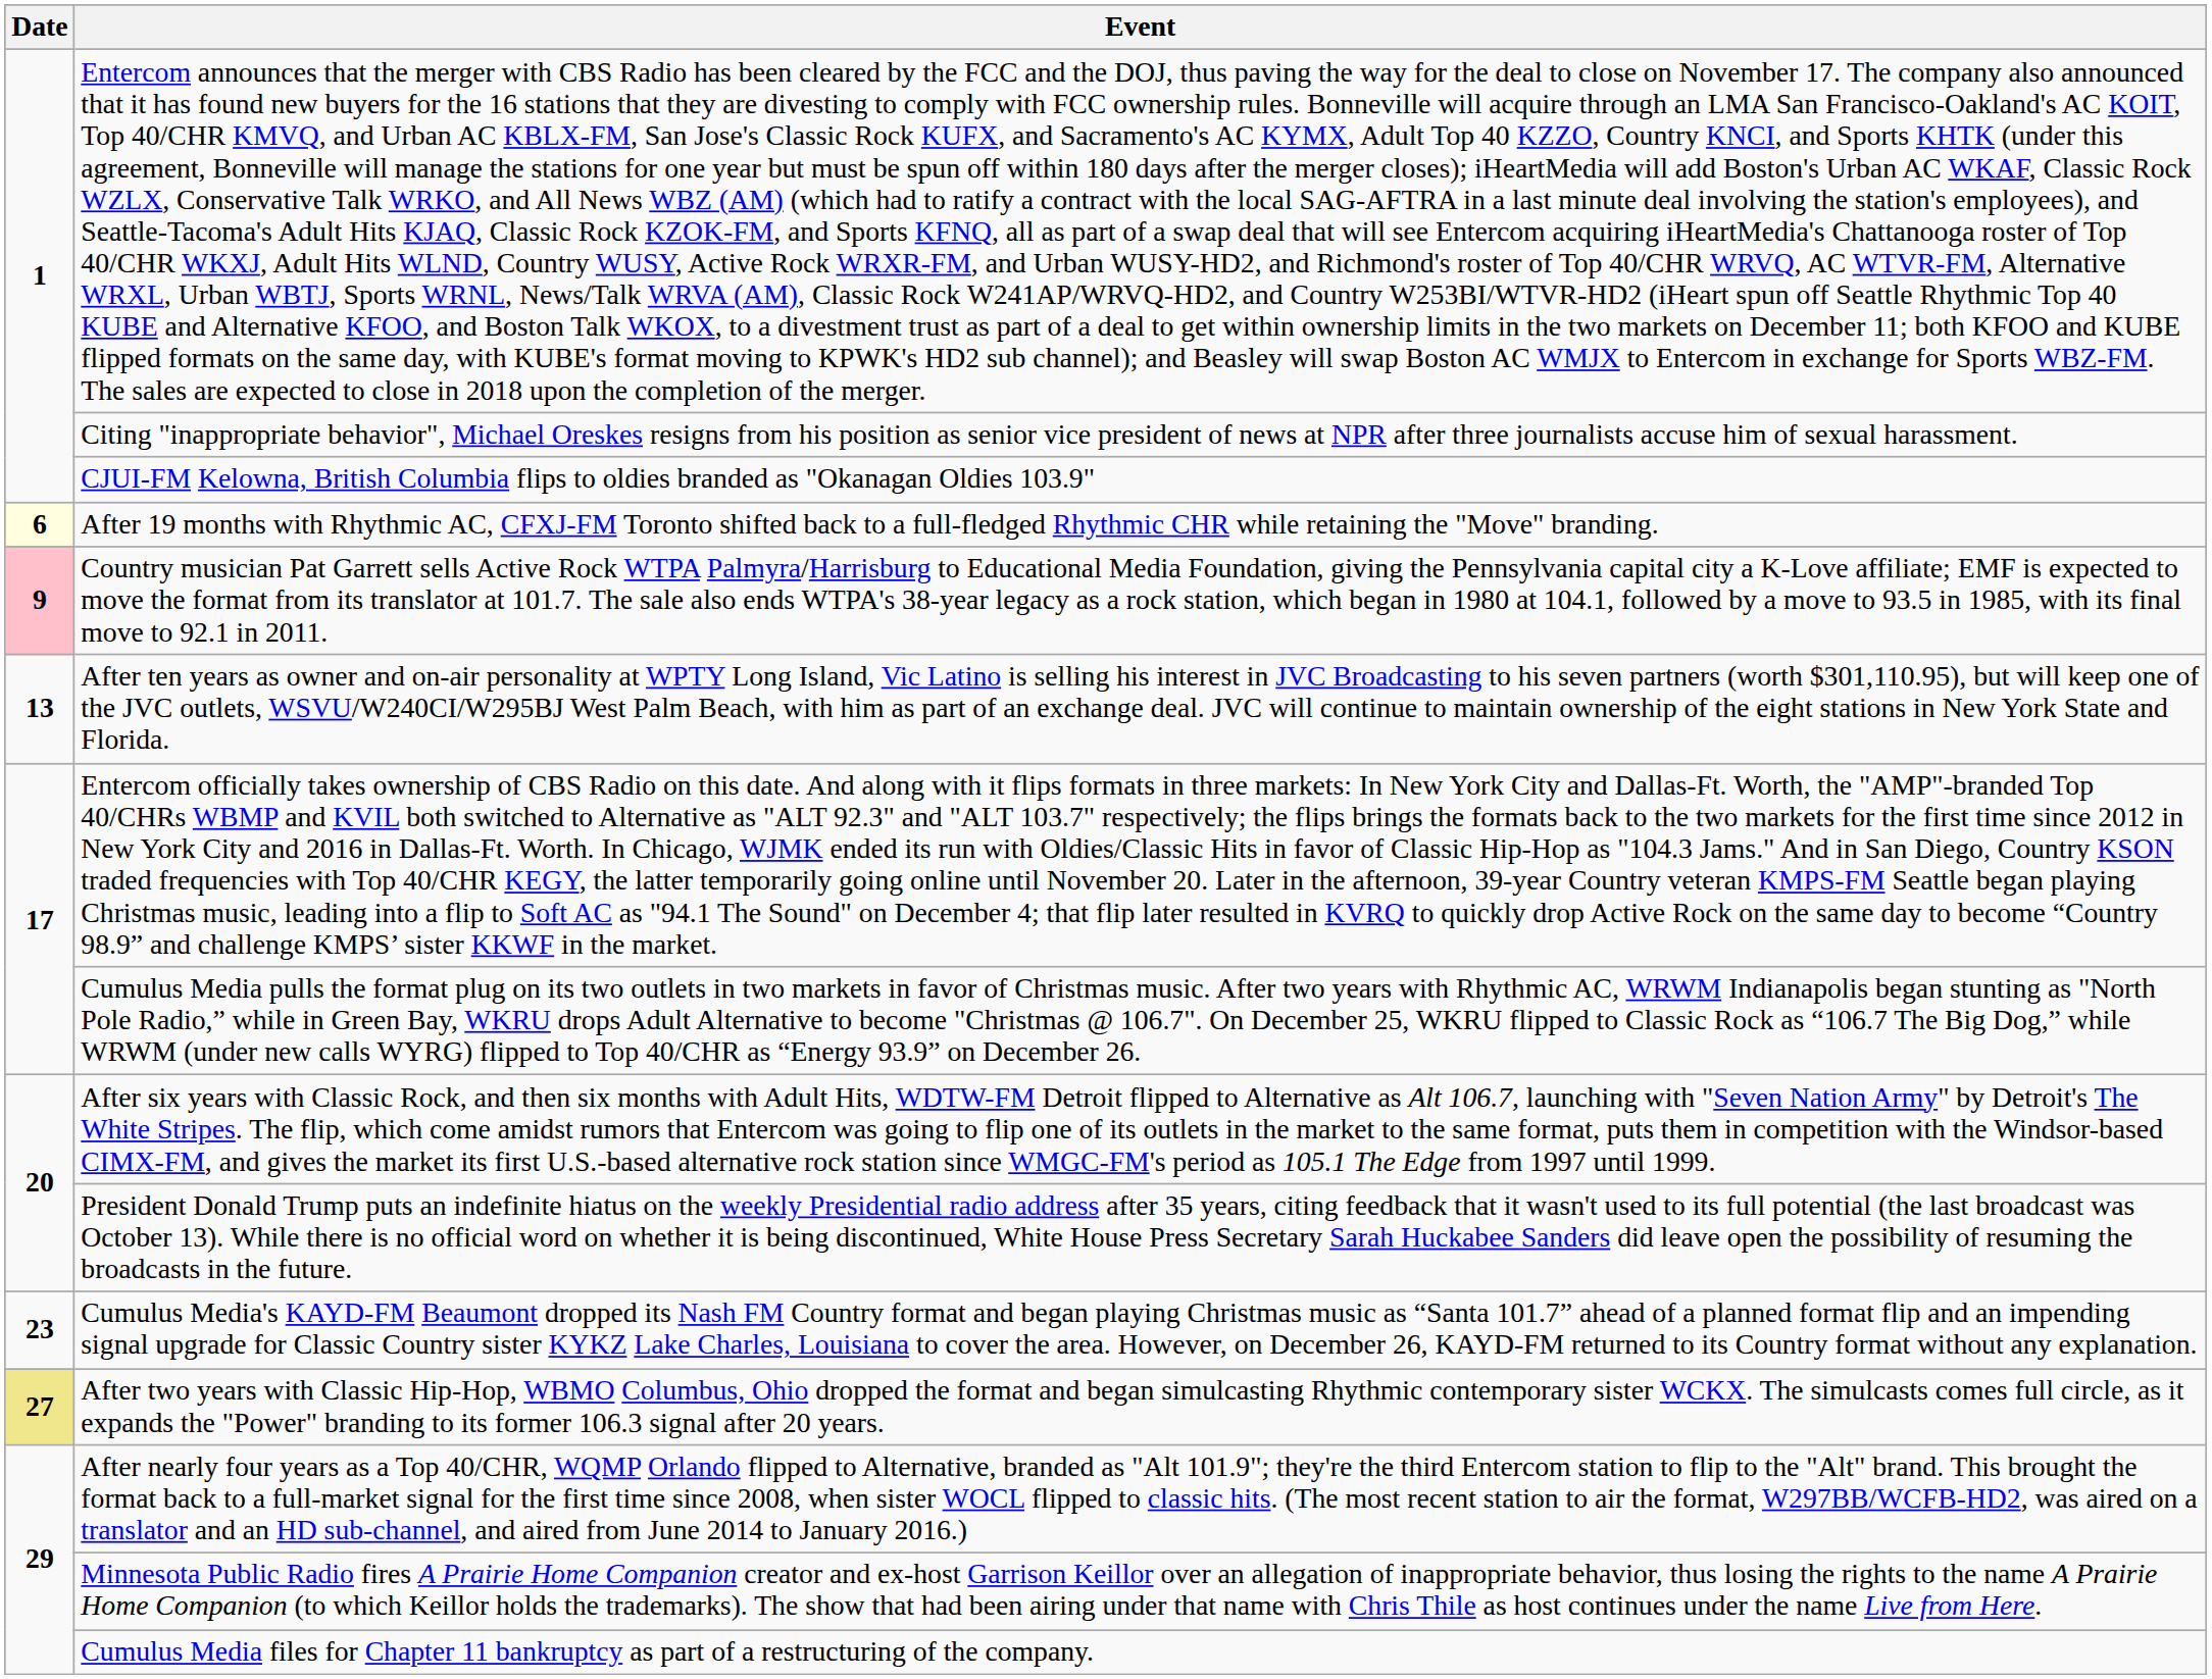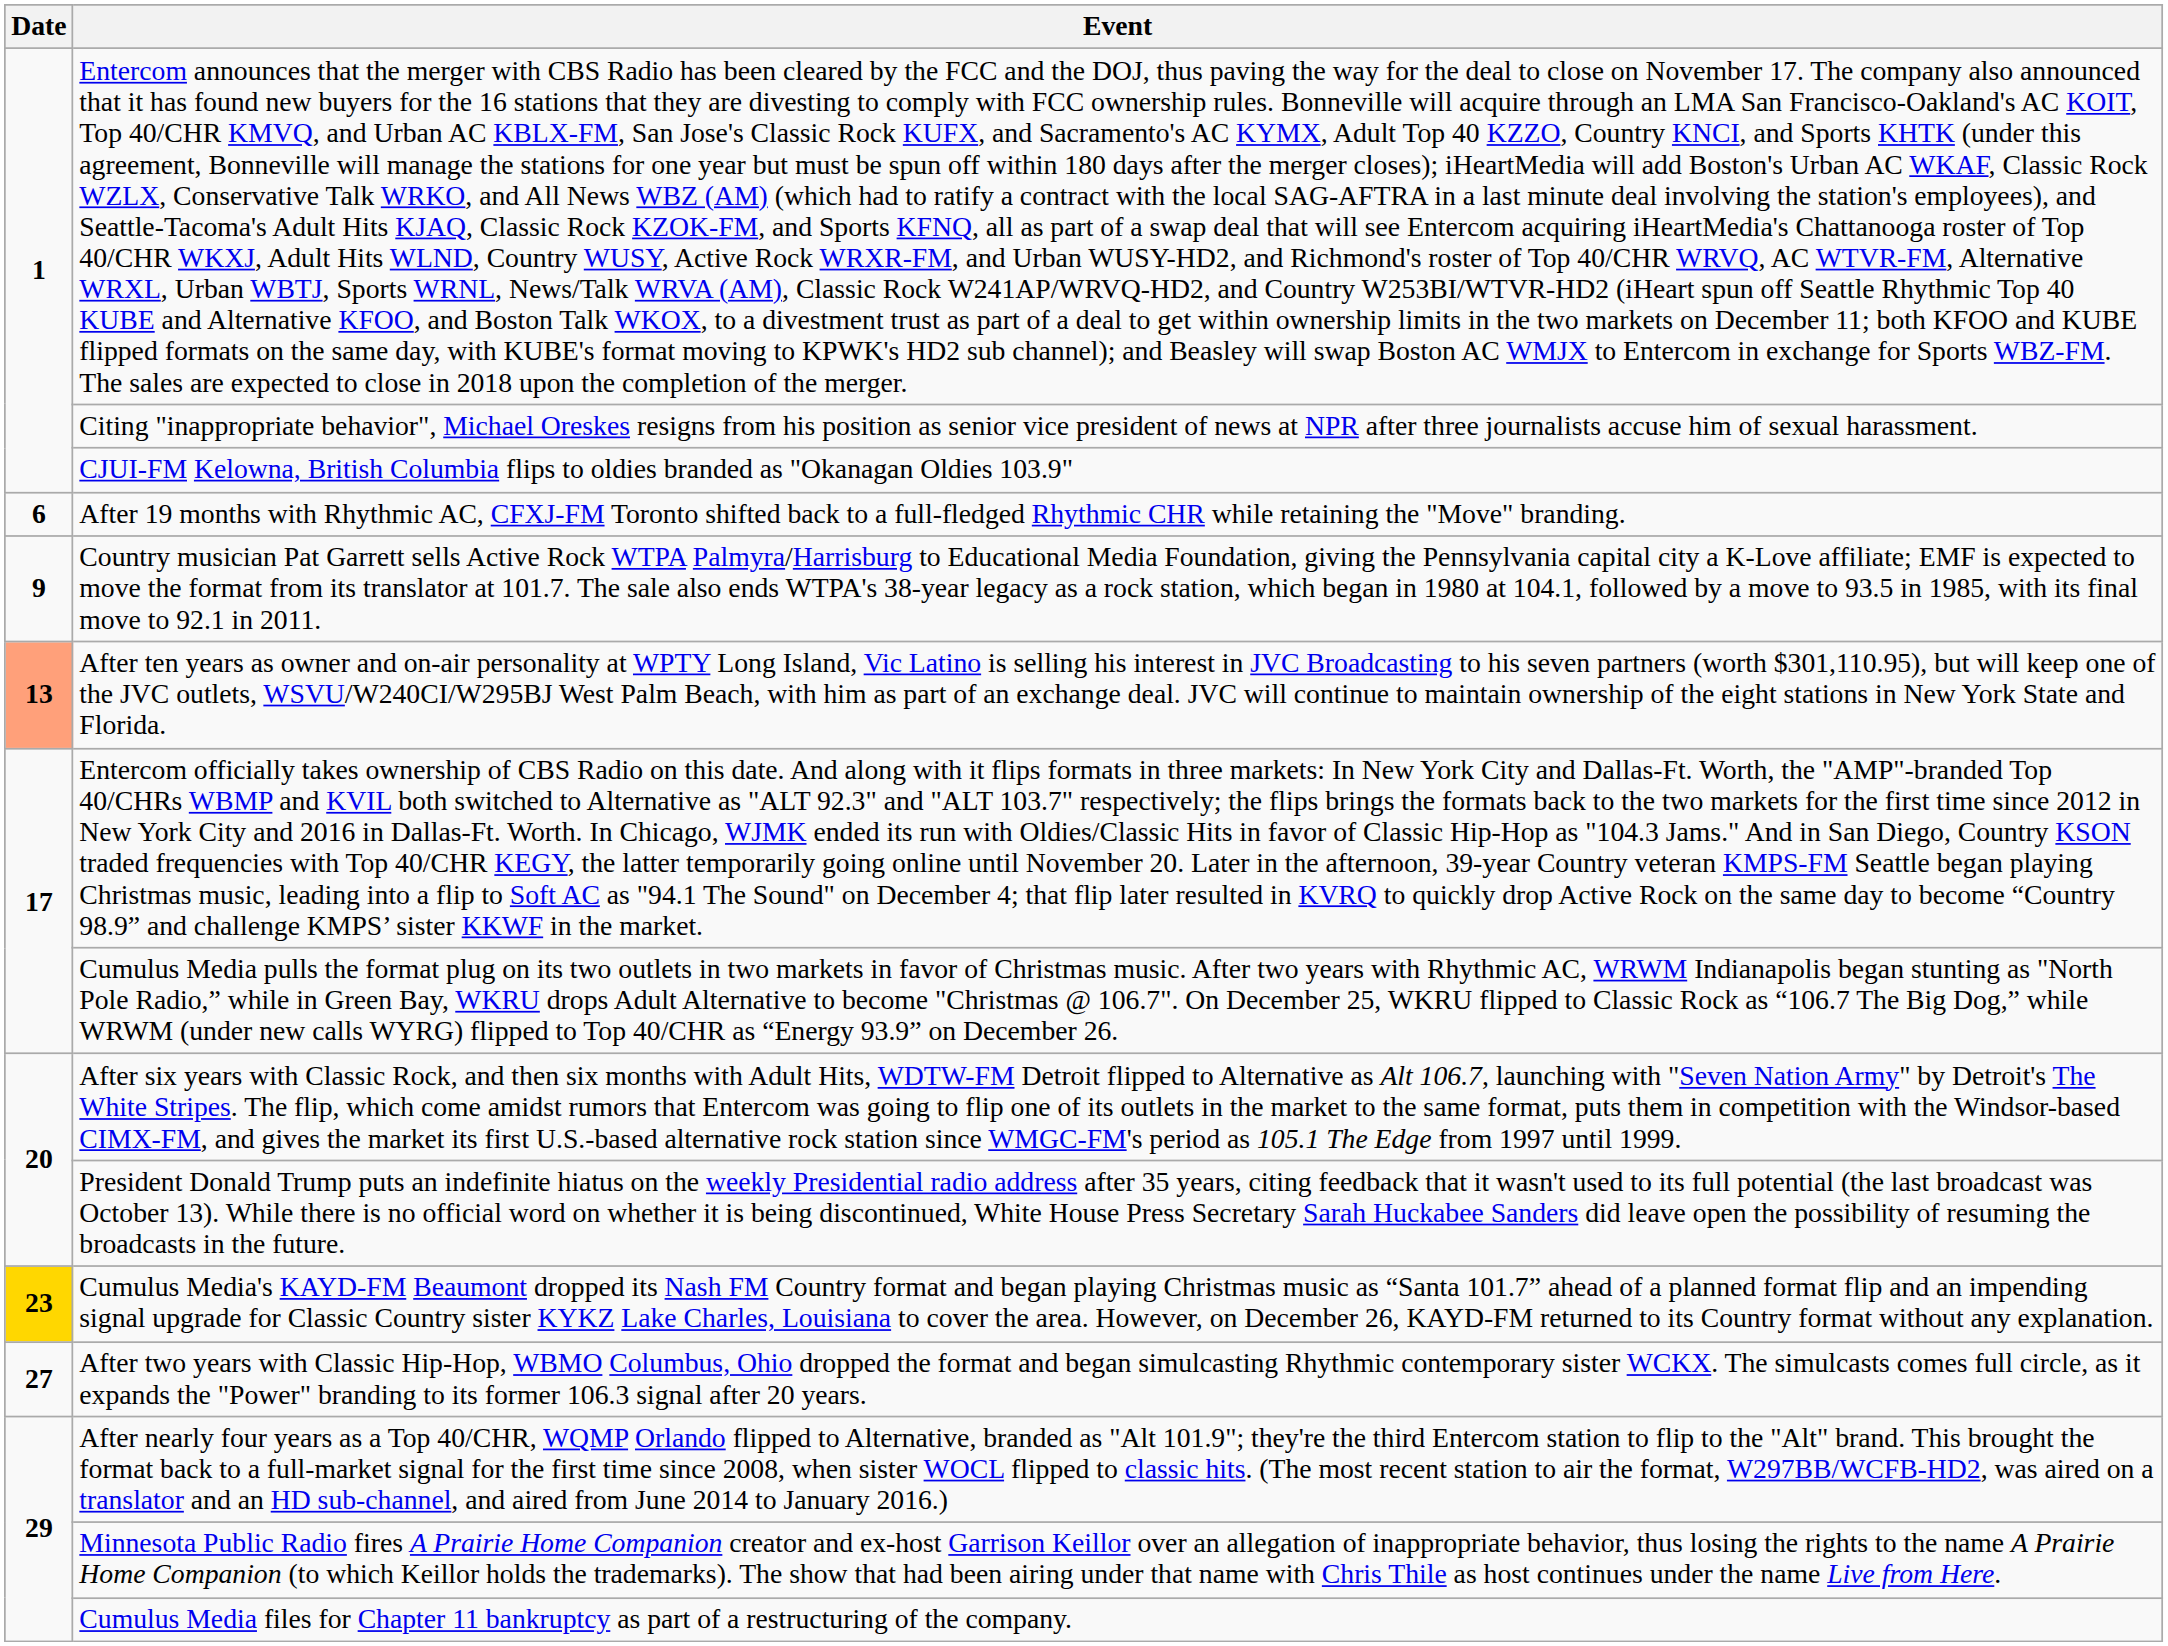 <table class="wikitable">
 <tr>
 <th>Date</th>
 <th>Event</th>
 </tr>
 <tr>
 <td style="text-align:center;" rowspan=3><strong>1</strong></td>
 <td><a href='#'>Entercom</a> announces that the merger with CBS Radio has been cleared by the FCC and the DOJ, thus paving the way for the deal to close on November 17. The company also announced that it has found new buyers for the 16 stations that they are divesting to comply with FCC ownership rules. Bonneville will acquire through an LMA San Francisco-Oakland's AC <a href='#'>KOIT</a>, Top 40/CHR <a href='#'>KMVQ</a>, and Urban AC <a href='#'>KBLX-FM</a>, San Jose's Classic Rock <a href='#'>KUFX</a>, and Sacramento's AC <a href='#'>KYMX</a>, Adult Top 40 <a href='#'>KZZO</a>, Country <a href='#'>KNCI</a>, and Sports <a href='#'>KHTK</a> (under this agreement, Bonneville will manage the stations for one year but must be spun off within 180 days after the merger closes); iHeartMedia will add Boston's Urban AC <a href='#'>WKAF</a>, Classic Rock <a href='#'>WZLX</a>, Conservative Talk <a href='#'>WRKO</a>, and All News <a href='#'>WBZ (AM)</a> (which had to ratify a contract with the local SAG-AFTRA in a last minute deal involving the station's employees), and Seattle-Tacoma's Adult Hits <a href='#'>KJAQ</a>, Classic Rock <a href='#'>KZOK-FM</a>, and Sports <a href='#'>KFNQ</a>, all as part of a swap deal that will see Entercom acquiring iHeartMedia's Chattanooga roster of Top 40/CHR <a href='#'>WKXJ</a>, Adult Hits <a href='#'>WLND</a>, Country <a href='#'>WUSY</a>, Active Rock <a href='#'>WRXR-FM</a>, and Urban WUSY-HD2, and Richmond's roster of Top 40/CHR <a href='#'>WRVQ</a>, AC <a href='#'>WTVR-FM</a>, Alternative <a href='#'>WRXL</a>, Urban <a href='#'>WBTJ</a>, Sports <a href='#'>WRNL</a>, News/Talk <a href='#'>WRVA (AM)</a>, Classic Rock W241AP/WRVQ-HD2, and Country W253BI/WTVR-HD2 (iHeart spun off Seattle Rhythmic Top 40 <a href='#'>KUBE</a> and Alternative <a href='#'>KFOO</a>, and Boston Talk <a href='#'>WKOX</a>, to a divestment trust as part of a deal to get within ownership limits in the two markets on December 11; both KFOO and KUBE flipped formats on the same day, with KUBE's format moving to KPWK's HD2 sub channel); and Beasley will swap Boston AC <a href='#'>WMJX</a> to Entercom in exchange for Sports <a href='#'>WBZ-FM</a>. The sales are expected to close in 2018 upon the completion of the merger.</td>
 </tr>
 <tr>
 <td>Citing "inappropriate behavior", <a href='#'>Michael Oreskes</a> resigns from his position as senior vice president of news at <a href='#'>NPR</a> after three journalists accuse him of sexual harassment.</td>
 </tr>
 <tr>
 <td><a href='#'>CJUI-FM</a> <a href='#'>Kelowna, British Columbia</a> flips to oldies branded as "Okanagan Oldies 103.9"</td>
 </tr>
 <tr>
-<td style="background: lightyellow; text-align:center;"><strong>6</strong></td>
+<td style="text-align:center;"><strong>6</strong></td>
 <td>After 19 months with Rhythmic AC, <a href='#'>CFXJ-FM</a> Toronto shifted back to a full-fledged <a href='#'>Rhythmic CHR</a> while retaining the "Move" branding.</td>
 </tr>
 <tr>
-<td style="background: pink; text-align:center;"><strong>9</strong></td>
+<td style="text-align:center;"><strong>9</strong></td>
 <td>Country musician Pat Garrett sells Active Rock <a href='#'>WTPA</a> <a href='#'>Palmyra</a>/<a href='#'>Harrisburg</a> to Educational Media Foundation, giving the Pennsylvania capital city a K-Love affiliate; EMF is expected to move the format from its translator at 101.7. The sale also ends WTPA's 38-year legacy as a rock station, which began in 1980 at 104.1, followed by a move to 93.5 in 1985, with its final move to 92.1 in 2011.</td>
 </tr>
 <tr>
-<td style="text-align:center;"><strong>13</strong></td>
+<td style="background: lightsalmon; text-align:center;"><strong>13</strong></td>
 <td>After ten years as owner and on-air personality at <a href='#'>WPTY</a> Long Island, <a href='#'>Vic Latino</a> is selling his interest in <a href='#'>JVC Broadcasting</a> to his seven partners (worth $301,110.95), but will keep one of the JVC outlets, <a href='#'>WSVU</a>/W240CI/W295BJ West Palm Beach, with him as part of an exchange deal. JVC will continue to maintain ownership of the eight stations in New York State and Florida.</td>
 </tr>
 <tr>
 <td style="text-align:center;" rowspan=2><strong>17</strong></td>
 <td>Entercom officially takes ownership of CBS Radio on this date. And along with it flips formats in three markets: In New York City and Dallas-Ft. Worth, the "AMP"-branded Top 40/CHRs <a href='#'>WBMP</a> and <a href='#'>KVIL</a> both switched to Alternative as "ALT 92.3" and "ALT 103.7" respectively; the flips brings the formats back to the two markets for the first time since 2012 in New York City and 2016 in Dallas-Ft. Worth. In Chicago, <a href='#'>WJMK</a> ended its run with Oldies/Classic Hits in favor of Classic Hip-Hop as "104.3 Jams." And in San Diego, Country <a href='#'>KSON</a> traded frequencies with Top 40/CHR <a href='#'>KEGY</a>, the latter temporarily going online until November 20. Later in the afternoon, 39-year Country veteran <a href='#'>KMPS-FM</a> Seattle began playing Christmas music, leading into a flip to <a href='#'>Soft AC</a> as "94.1 The Sound" on December 4; that flip later resulted in <a href='#'>KVRQ</a> to quickly drop Active Rock on the same day to become “Country 98.9” and challenge KMPS’ sister <a href='#'>KKWF</a> in the market.</td>
 </tr>
 <tr>
 <td>Cumulus Media pulls the format plug on its two outlets in two markets in favor of Christmas music. After two years with Rhythmic AC, <a href='#'>WRWM</a> Indianapolis began stunting as "North Pole Radio,” while in Green Bay, <a href='#'>WKRU</a> drops Adult Alternative to become "Christmas @ 106.7". On December 25, WKRU flipped to Classic Rock as “106.7 The Big Dog,” while WRWM (under new calls WYRG) flipped to Top 40/CHR as “Energy 93.9” on December 26.</td>
 </tr>
 <tr>
 <td style="text-align:center;" rowspan=2><strong>20</strong></td>
 <td>After six years with Classic Rock, and then six months with Adult Hits, <a href='#'>WDTW-FM</a> Detroit flipped to Alternative as <em>Alt 106.7</em>, launching with "<a href='#'>Seven Nation Army</a>" by Detroit's <a href='#'>The White Stripes</a>. The flip, which come amidst rumors that Entercom was going to flip one of its outlets in the market to the same format, puts them in competition with the Windsor-based <a href='#'>CIMX-FM</a>, and gives the market its first U.S.-based alternative rock station since <a href='#'>WMGC-FM</a>'s period as <em>105.1 The Edge</em> from 1997 until 1999.</td>
 </tr>
 <tr>
 <td>President Donald Trump puts an indefinite hiatus on the <a href='#'>weekly Presidential radio address</a> after 35 years, citing feedback that it wasn't used to its full potential (the last broadcast was October 13). While there is no official word on whether it is being discontinued, White House Press Secretary <a href='#'>Sarah Huckabee Sanders</a> did leave open the possibility of resuming the broadcasts in the future.</td>
 </tr>
 <tr>
-<td style="text-align:center;"><strong>23</strong></td>
+<td style="background: gold; text-align:center;"><strong>23</strong></td>
 <td>Cumulus Media's <a href='#'>KAYD-FM</a> <a href='#'>Beaumont</a> dropped its <a href='#'>Nash FM</a> Country format and began playing Christmas music as “Santa 101.7” ahead of a planned format flip and an impending signal upgrade for Classic Country sister <a href='#'>KYKZ</a> <a href='#'>Lake Charles, Louisiana</a> to cover the area. However, on December 26, KAYD-FM returned to its Country format without any explanation.</td>
 </tr>
 <tr>
-<td style="background: khaki; text-align:center;"><strong>27</strong></td>
+<td style="text-align:center;"><strong>27</strong></td>
 <td>After two years with Classic Hip-Hop, <a href='#'>WBMO</a> <a href='#'>Columbus, Ohio</a> dropped the format and began simulcasting Rhythmic contemporary sister <a href='#'>WCKX</a>. The simulcasts comes full circle, as it expands the "Power" branding to its former 106.3 signal after 20 years.</td>
 </tr>
 <tr>
 <td style="text-align:center;" rowspan=3><strong>29</strong></td>
 <td>After nearly four years as a Top 40/CHR, <a href='#'>WQMP</a> <a href='#'>Orlando</a> flipped to Alternative, branded as "Alt 101.9"; they're the third Entercom station to flip to the "Alt" brand. This brought the format back to a full-market signal for the first time since 2008, when sister <a href='#'>WOCL</a> flipped to <a href='#'>classic hits</a>. (The most recent station to air the format, <a href='#'>W297BB/WCFB-HD2</a>, was aired on a <a href='#'>translator</a> and an <a href='#'>HD sub-channel</a>, and aired from June 2014 to January 2016.)</td>
 </tr>
 <tr>
 <td><a href='#'>Minnesota Public Radio</a> fires <em><a href='#'>A Prairie Home Companion</a></em> creator and ex-host <a href='#'>Garrison Keillor</a> over an allegation of inappropriate behavior, thus losing the rights to the name <em>A Prairie Home Companion</em> (to which Keillor holds the trademarks). The show that had been airing under that name with <a href='#'>Chris Thile</a> as host continues under the name <em><a href='#'>Live from Here</a></em>.</td>
 </tr>
 <tr>
 <td><a href='#'>Cumulus Media</a> files for <a href='#'>Chapter 11 bankruptcy</a> as part of a restructuring of the company.</td>
 </tr>
 </table>
